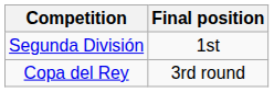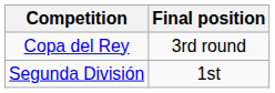 <table class="wikitable" style="font-size:100%; text-align:center">
 <tr>
 <th>Competition</th>
 <th>Final position</th>
 </tr>
 <tr style="background:">
+<td><a href='#'>Copa del Rey</a></td>
+<td>3rd round</td>
+</tr>
+<tr style="background:">
 <td><a href='#'>Segunda División</a></td>
 <td>1st</td>
 </tr>
-<tr style="background:">
-<td><a href='#'>Copa del Rey</a></td>
-<td>3rd round</td>
-</tr>
 </table>
